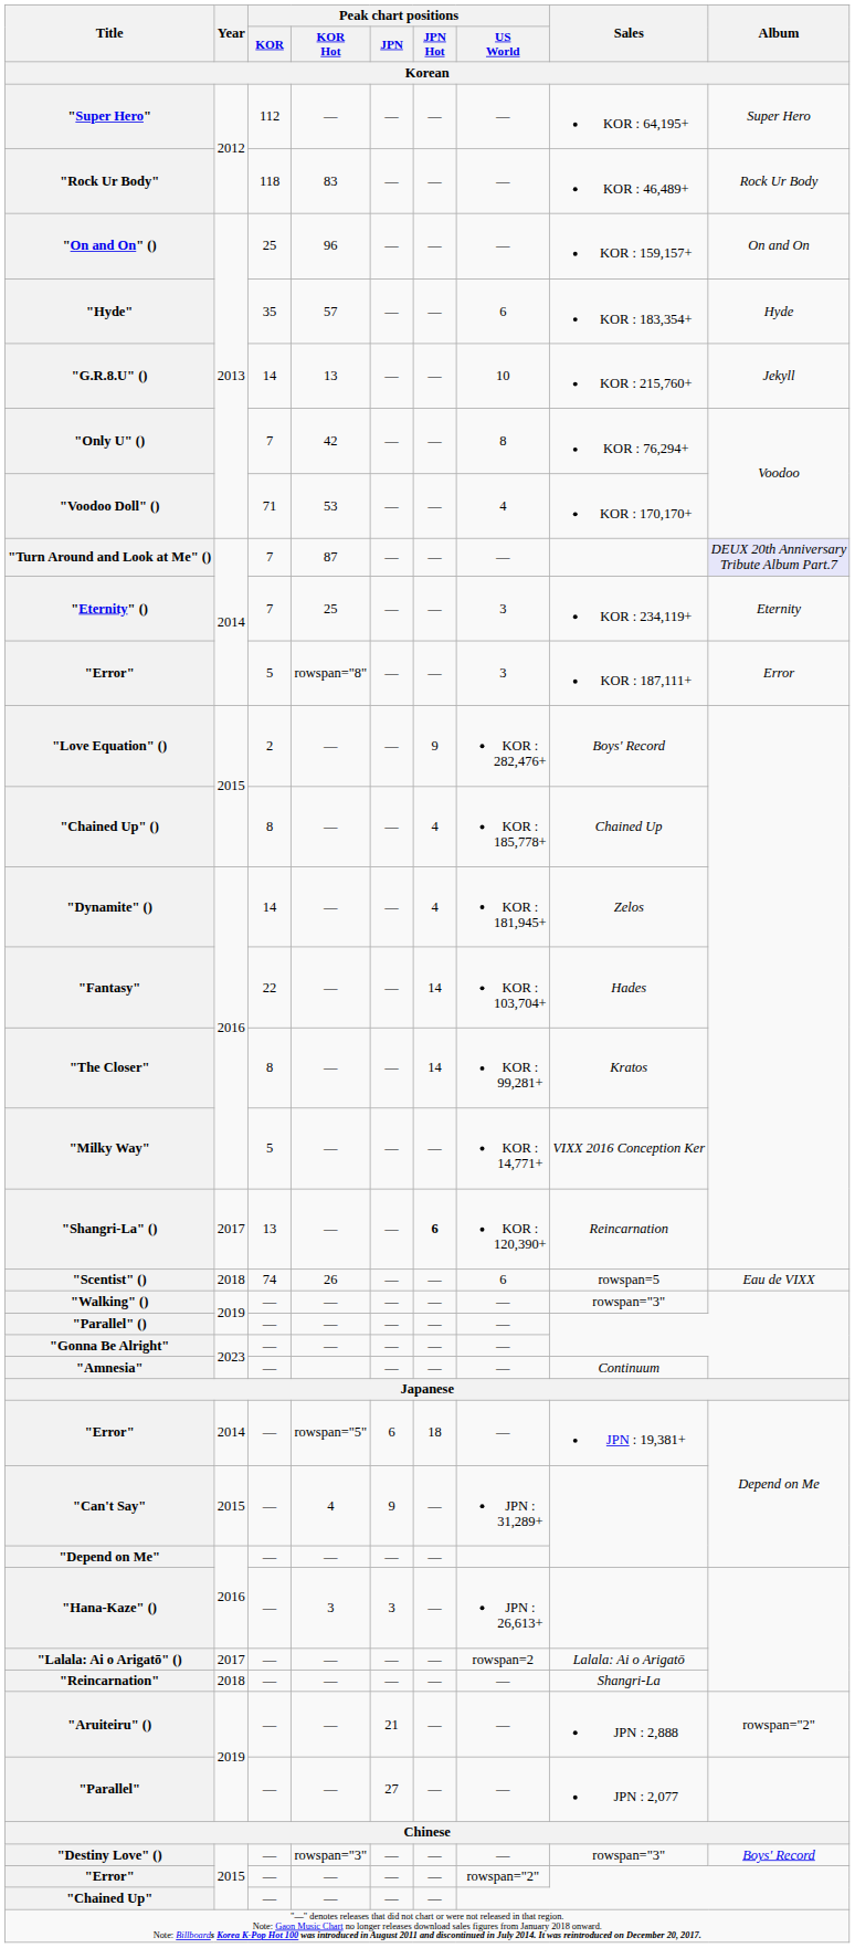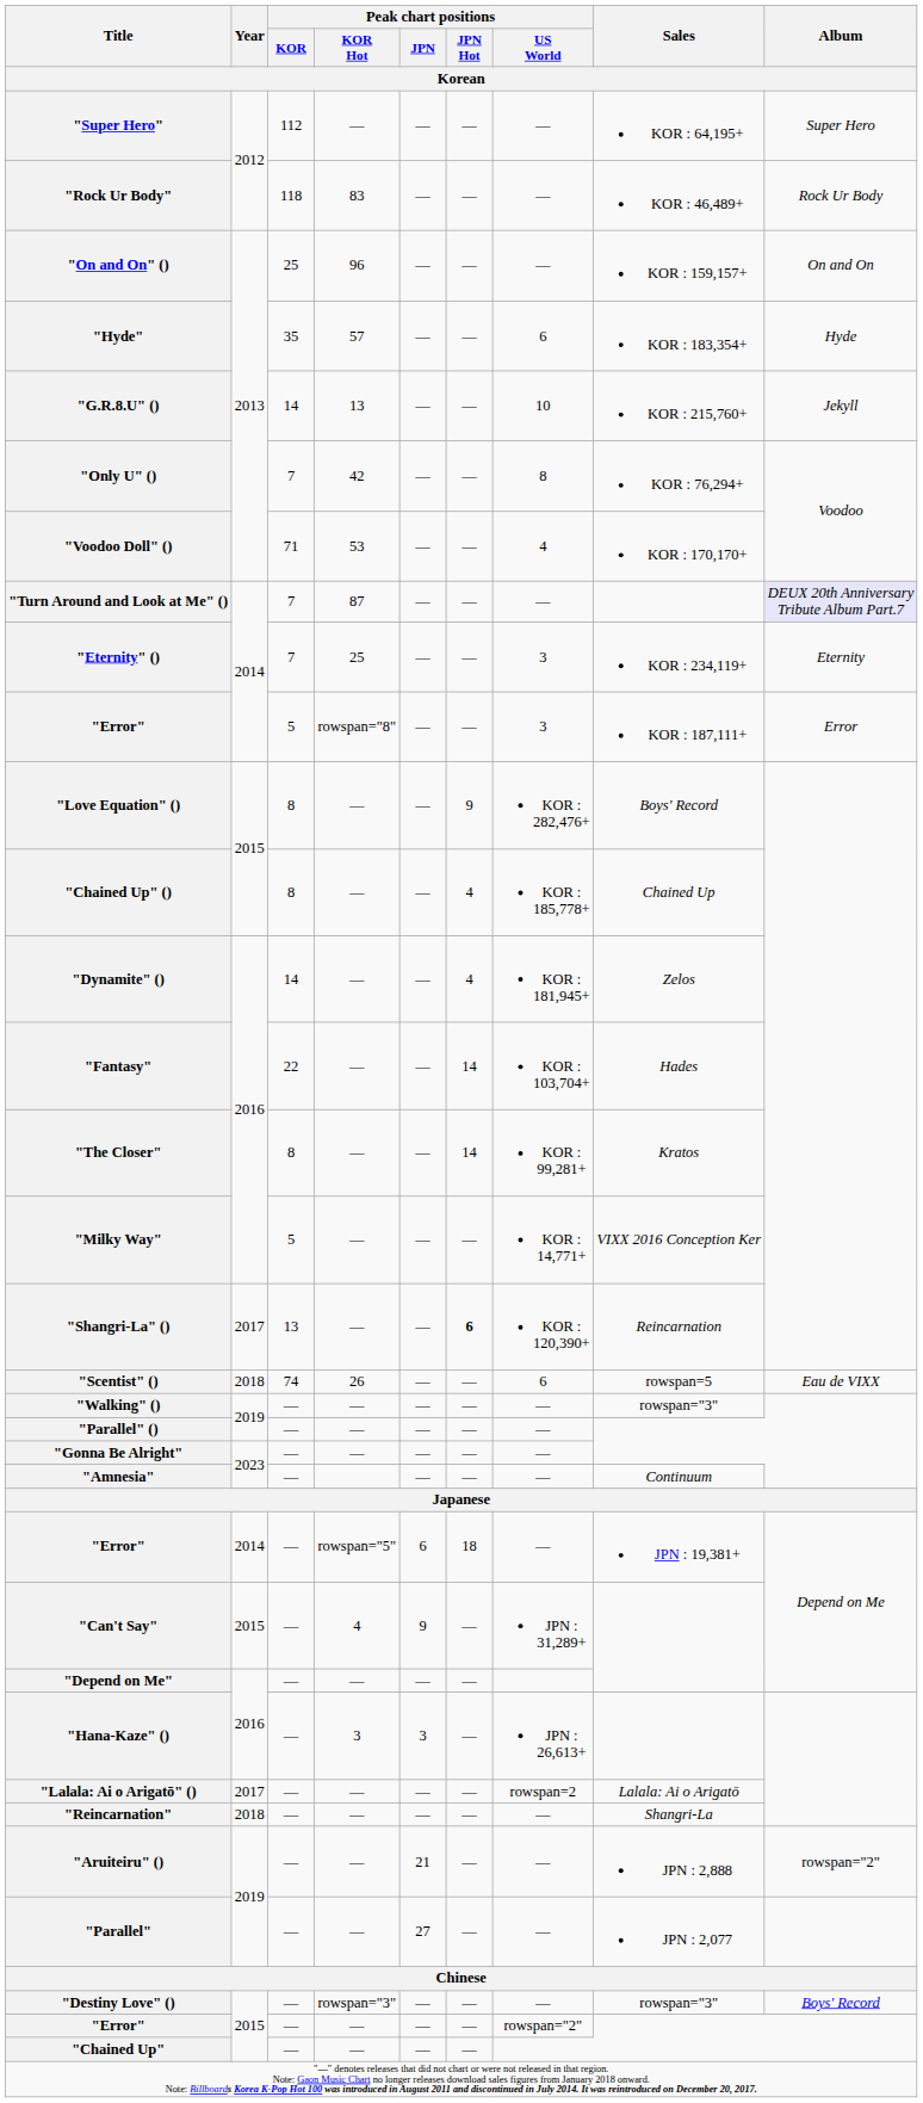 <table class="wikitable plainrowheaders" style="text-align:center">
 <tr>
 <th scope="col" rowspan="2">Title</th>
 <th scope="col" rowspan="2">Year</th>
 <th scope="col" colspan="5">Peak chart positions</th>
 <th scope="col" rowspan="2">Sales</th>
 <th scope="col" rowspan="2">Album</th>
 </tr>
 <tr>
 <th scope="col" style="width:3em;font-size:90%"><a href='#'>KOR</a><br></th>
 <th scope="col" style="width:3em;font-size:90%"><a href='#'>KOR<br>Hot</a><br></th>
 <th scope="col" style="width:3em;font-size:90%"><a href='#'>JPN</a><br></th>
 <th scope="col" style="width:3em;font-size:90%"><a href='#'>JPN<br>Hot</a><br></th>
 <th scope="col" style="width:3em;font-size:90%"><a href='#'>US<br>World</a><br></th>
 </tr>
 <tr>
 <th colspan="9">Korean</th>
 </tr>
 <tr>
 <th scope="row">"<a href='#'>Super Hero</a>"</th>
 <td rowspan="2">2012</td>
 <td>112</td>
 <td>—</td>
 <td>—</td>
 <td>—</td>
 <td>—</td>
 <td><br><ul><li>KOR : 64,195+</li></ul></td>
 <td><em>Super Hero</em></td>
 </tr>
 <tr>
 <th scope="row">"Rock Ur Body"</th>
 <td>118</td>
 <td>83</td>
 <td>—</td>
 <td>—</td>
 <td>—</td>
 <td><br><ul><li>KOR : 46,489+</li></ul></td>
 <td><em>Rock Ur Body</em></td>
 </tr>
 <tr>
 <th scope="row">"<a href='#'>On and On</a>" ()</th>
 <td rowspan="5">2013</td>
 <td>25</td>
 <td>96</td>
 <td>—</td>
 <td>—</td>
 <td>—</td>
 <td><br><ul><li>KOR : 159,157+</li></ul></td>
 <td><em>On and On</em></td>
 </tr>
 <tr>
 <th scope="row">"Hyde"</th>
 <td>35</td>
 <td>57</td>
 <td>—</td>
 <td>—</td>
 <td>6</td>
 <td><br><ul><li>KOR : 183,354+</li></ul></td>
 <td><em>Hyde</em></td>
 </tr>
 <tr>
 <th scope="row">"G.R.8.U" ()</th>
 <td>14</td>
 <td>13</td>
 <td>—</td>
 <td>—</td>
 <td>10</td>
 <td><br><ul><li>KOR : 215,760+</li></ul></td>
 <td><em>Jekyll</em></td>
 </tr>
 <tr>
 <th scope="row">"Only U" ()</th>
 <td>7</td>
 <td>42</td>
 <td>—</td>
 <td>—</td>
 <td>8</td>
 <td><br><ul><li>KOR : 76,294+</li></ul></td>
 <td rowspan="2"><em>Voodoo</em></td>
 </tr>
 <tr>
 <th scope="row">"Voodoo Doll" ()</th>
 <td>71</td>
 <td>53</td>
 <td>—</td>
 <td>—</td>
 <td>4</td>
 <td><br><ul><li>KOR : 170,170+</li></ul></td>
 </tr>
 <tr>
 <th scope="row">"Turn Around and Look at Me" ()</th>
 <td rowspan="3">2014</td>
 <td>7</td>
 <td>87</td>
 <td>—</td>
 <td>—</td>
 <td>—</td>
 <td></td>
 <td style="background: lavender;"><em>DEUX 20th Anniversary<br>Tribute Album Part.7</em></td>
 </tr>
 <tr>
 <th scope="row">"<a href='#'>Eternity</a>" ()</th>
 <td>7</td>
 <td>25</td>
 <td>—</td>
 <td>—</td>
 <td>3</td>
 <td><br><ul><li>KOR : 234,119+</li></ul></td>
 <td><em>Eternity</em></td>
 </tr>
 <tr>
 <th scope="row">"Error"</th>
 <td>5</td>
 <td>rowspan="8" </td>
 <td>—</td>
 <td>—</td>
 <td>3</td>
 <td><br><ul><li>KOR : 187,111+</li></ul></td>
 <td><em>Error</em></td>
 </tr>
 <tr>
 <th scope="row">"Love Equation" ()</th>
 <td rowspan="2">2015</td>
-<td>2</td>
+<td>8</td>
 <td>—</td>
 <td>—</td>
 <td>9</td>
 <td><br><ul><li>KOR : 282,476+</li></ul></td>
 <td><em>Boys' Record</em></td>
 </tr>
 <tr>
 <th scope="row">"Chained Up" ()</th>
 <td>8</td>
 <td>—</td>
 <td>—</td>
 <td>4</td>
 <td><br><ul><li>KOR : 185,778+</li></ul></td>
 <td><em>Chained Up</em></td>
 </tr>
 <tr>
 <th scope="row">"Dynamite" ()</th>
 <td rowspan="4">2016</td>
 <td>14</td>
 <td>—</td>
 <td>—</td>
 <td>4</td>
 <td><br><ul><li>KOR : 181,945+</li></ul></td>
 <td><em>Zelos</em></td>
 </tr>
 <tr>
 <th scope="row">"Fantasy"</th>
 <td>22</td>
 <td>—</td>
 <td>—</td>
 <td>14</td>
 <td><br><ul><li>KOR : 103,704+</li></ul></td>
 <td><em>Hades</em></td>
 </tr>
 <tr>
 <th scope="row">"The Closer"</th>
 <td>8</td>
 <td>—</td>
 <td>—</td>
 <td>14</td>
 <td><br><ul><li>KOR : 99,281+</li></ul></td>
 <td><em>Kratos</em></td>
 </tr>
 <tr>
 <th scope="row">"Milky Way"</th>
 <td>5</td>
 <td>—</td>
 <td>—</td>
 <td>—</td>
 <td><br><ul><li>KOR : 14,771+</li></ul></td>
 <td><em>VIXX 2016 Conception Ker</em></td>
 </tr>
 <tr>
 <th scope="row">"Shangri-La" ()</th>
 <td rowspan="1">2017</td>
 <td>13</td>
 <td>—</td>
 <td>—</td>
 <td><strong>6</strong></td>
 <td><br><ul><li>KOR : 120,390+</li></ul></td>
 <td><em>Reincarnation</em></td>
 </tr>
 <tr>
 <th scope="row">"Scentist" ()</th>
 <td>2018</td>
 <td>74</td>
 <td>26</td>
 <td>—</td>
 <td>—</td>
 <td>6</td>
 <td>rowspan=5 </td>
 <td><em>Eau de VIXX</em></td>
 </tr>
 <tr>
 <th scope="row">"Walking" ()</th>
 <td rowspan=2>2019</td>
 <td>—</td>
 <td>—</td>
 <td>—</td>
 <td>—</td>
 <td>—</td>
 <td>rowspan="3"</td>
 </tr>
 <tr>
 <th scope="row">"Parallel" ()</th>
 <td>—</td>
 <td>—</td>
 <td>—</td>
 <td>—</td>
 <td>—</td>
 </tr>
 <tr>
 <th scope="row">"Gonna Be Alright"</th>
 <td rowspan="2">2023</td>
 <td>—</td>
 <td>—</td>
 <td>—</td>
 <td>—</td>
 <td>—</td>
 </tr>
 <tr>
 <th scope="row">"Amnesia"</th>
 <td>—</td>
 <td></td>
 <td>—</td>
 <td>—</td>
 <td>—</td>
 <td><em>Continuum</em></td>
 </tr>
 <tr>
 <th colspan="9">Japanese</th>
 </tr>
 <tr>
 <th scope="row">"Error" </th>
 <td>2014</td>
 <td>—</td>
 <td>rowspan="5" </td>
 <td>6</td>
 <td>18</td>
 <td>—</td>
 <td><br><ul><li><a href='#'>JPN</a> : 19,381+</li></ul></td>
 <td rowspan="3"><em>Depend on Me</em></td>
 </tr>
 <tr>
 <th scope="row">"Can't Say"</th>
 <td>2015</td>
 <td>—</td>
 <td>4</td>
 <td>9</td>
 <td>—</td>
 <td><br><ul><li>JPN : 31,289+</li></ul></td>
 </tr>
 <tr>
 <th scope="row">"Depend on Me"</th>
 <td rowspan="2">2016</td>
 <td>—</td>
 <td>—</td>
 <td>—</td>
 <td>—</td>
 <td></td>
 </tr>
 <tr>
 <th scope="row">"Hana-Kaze" ()</th>
 <td>—</td>
 <td>3</td>
 <td>3</td>
 <td>—</td>
 <td><br><ul><li>JPN : 26,613+</li></ul></td>
 <td></td>
 </tr>
 <tr>
 <th scope="row">"Lalala: Ai o Arigatō" ()</th>
 <td>2017</td>
 <td>—</td>
 <td>—</td>
 <td>—</td>
 <td>—</td>
 <td>rowspan=2 </td>
 <td><em>Lalala: Ai o Arigatō</em></td>
 </tr>
 <tr>
 <th scope="row">"Reincarnation"</th>
 <td>2018</td>
 <td>—</td>
 <td>—</td>
 <td>—</td>
 <td>—</td>
 <td>—</td>
 <td><em>Shangri-La</em></td>
 </tr>
 <tr>
 <th scope="row">"Aruiteiru" ()</th>
 <td rowspan="2">2019</td>
 <td>—</td>
 <td>—</td>
 <td>21</td>
 <td>—</td>
 <td>—</td>
 <td><br><ul><li>JPN : 2,888</li></ul></td>
 <td>rowspan="2"</td>
 </tr>
 <tr>
 <th scope="row">"Parallel"</th>
 <td>—</td>
 <td>—</td>
 <td>27</td>
 <td>—</td>
 <td>—</td>
 <td><br><ul><li>JPN : 2,077</li></ul></td>
 </tr>
 <tr>
 <th colspan="10">Chinese</th>
 </tr>
 <tr>
 <th scope="row">"Destiny Love" ()</th>
 <td rowspan="3">2015</td>
 <td>—</td>
 <td>rowspan="3" </td>
 <td>—</td>
 <td>—</td>
 <td>—</td>
 <td>rowspan="3" </td>
 <td><em><a href='#'>Boys' Record</a></em></td>
 </tr>
 <tr>
 <th scope="row">"Error" </th>
 <td>—</td>
 <td>—</td>
 <td>—</td>
 <td>—</td>
 <td>rowspan="2" </td>
 </tr>
 <tr>
 <th scope="row">"Chained Up" </th>
 <td>—</td>
 <td>—</td>
 <td>—</td>
 <td>—</td>
 </tr>
 <tr>
 <td colspan="9" style="font-size:8pt">"—" denotes releases that did not chart or were not released in that region.<br>Note: <a href='#'>Gaon Music Chart</a> no longer releases download sales figures from January 2018 onward.<br>Note: <em><a href='#'>Billboard</a><strong>s <a href='#'>Korea K-Pop Hot 100</a> was introduced in August 2011 and discontinued in July 2014. It was reintroduced on December 20, 2017.</td>
 </tr>
 </table>
